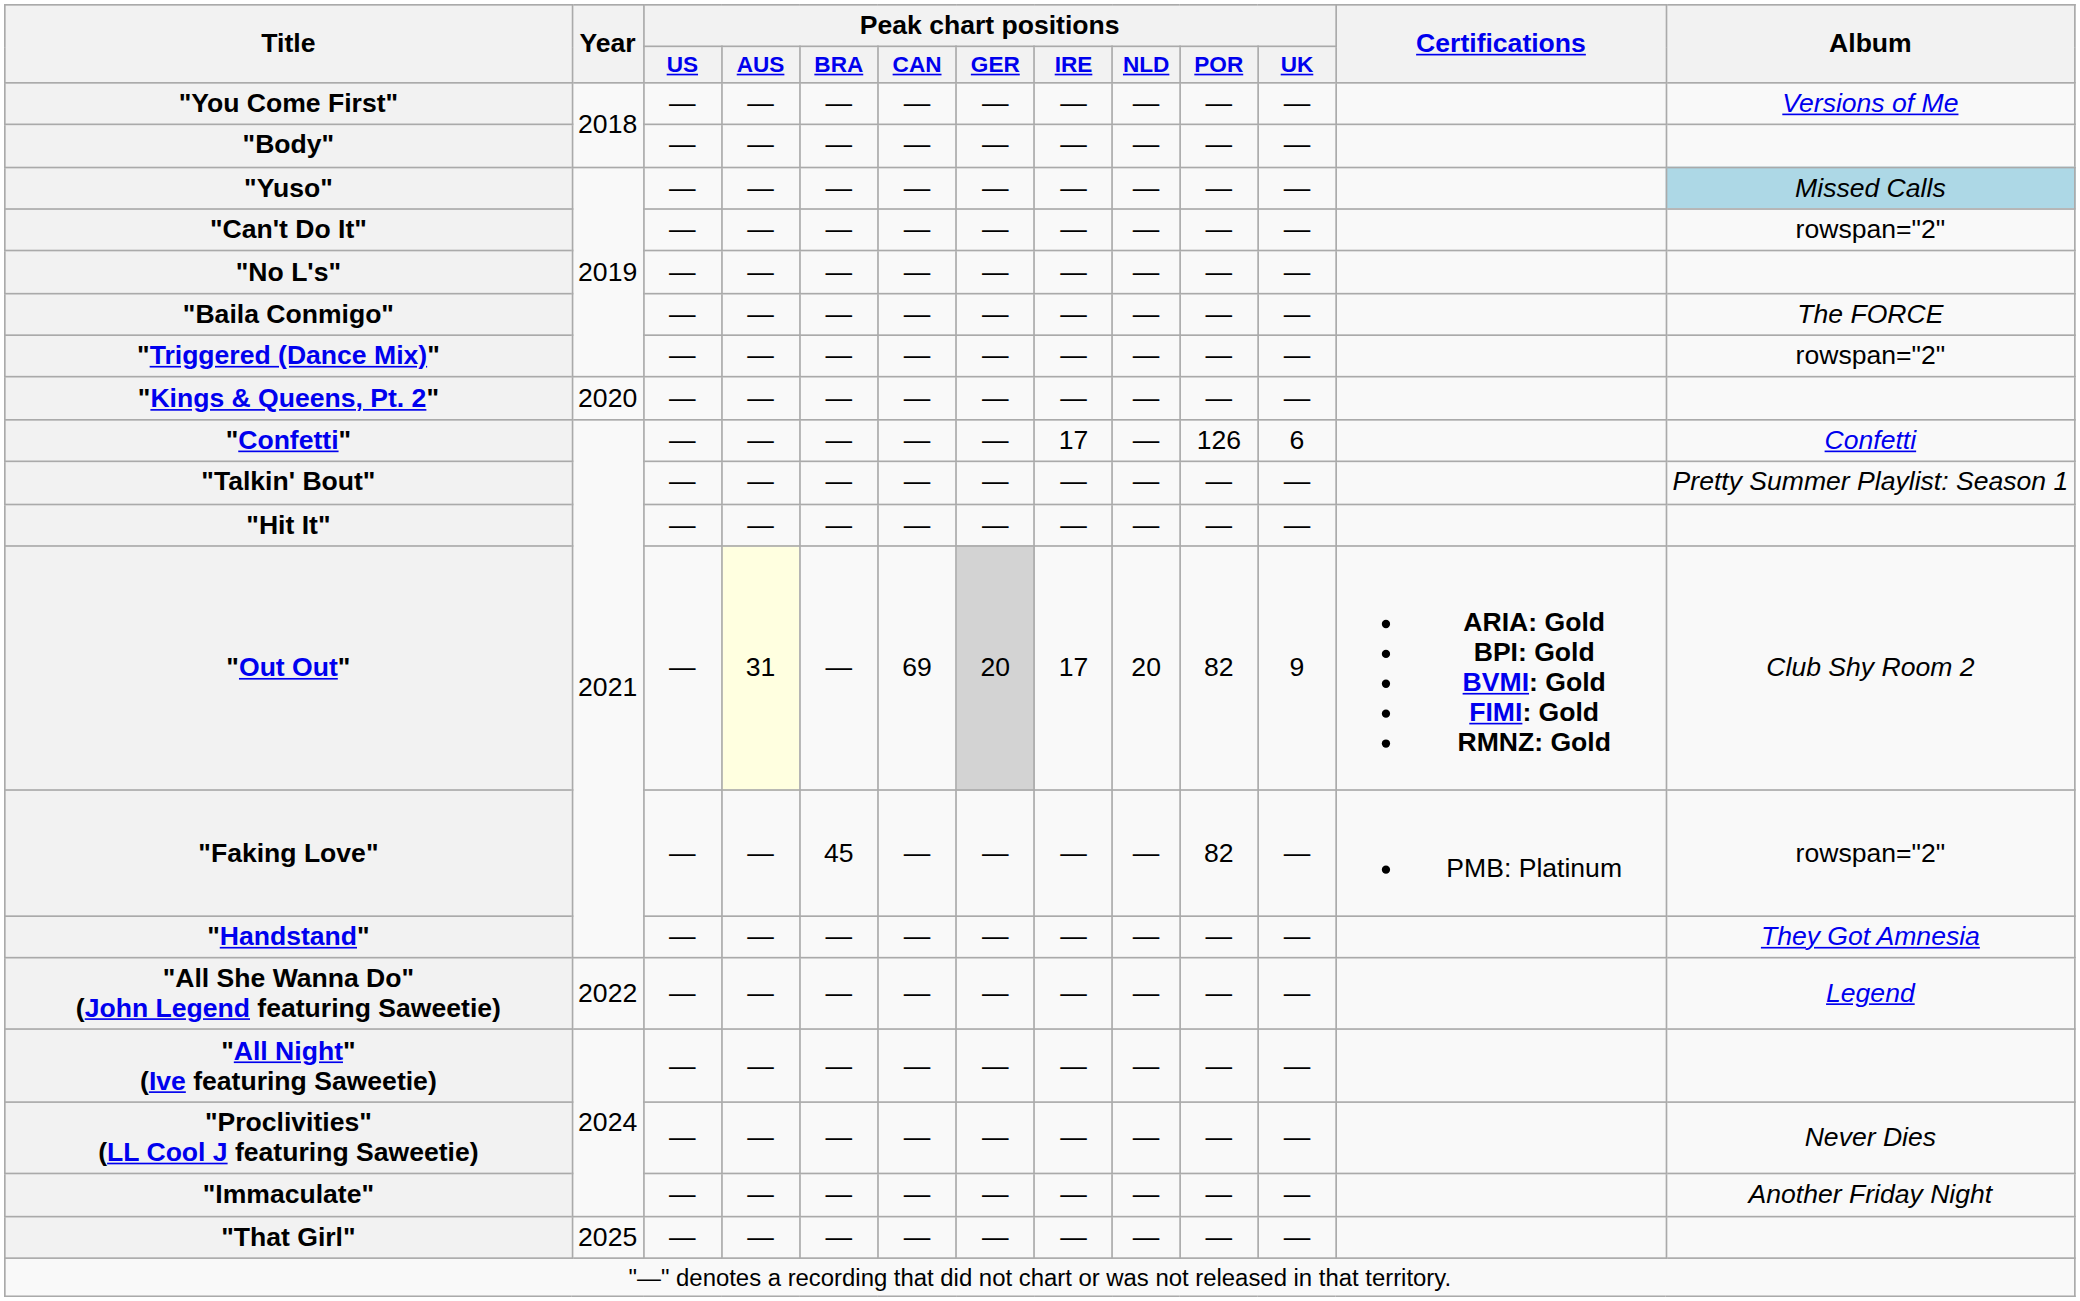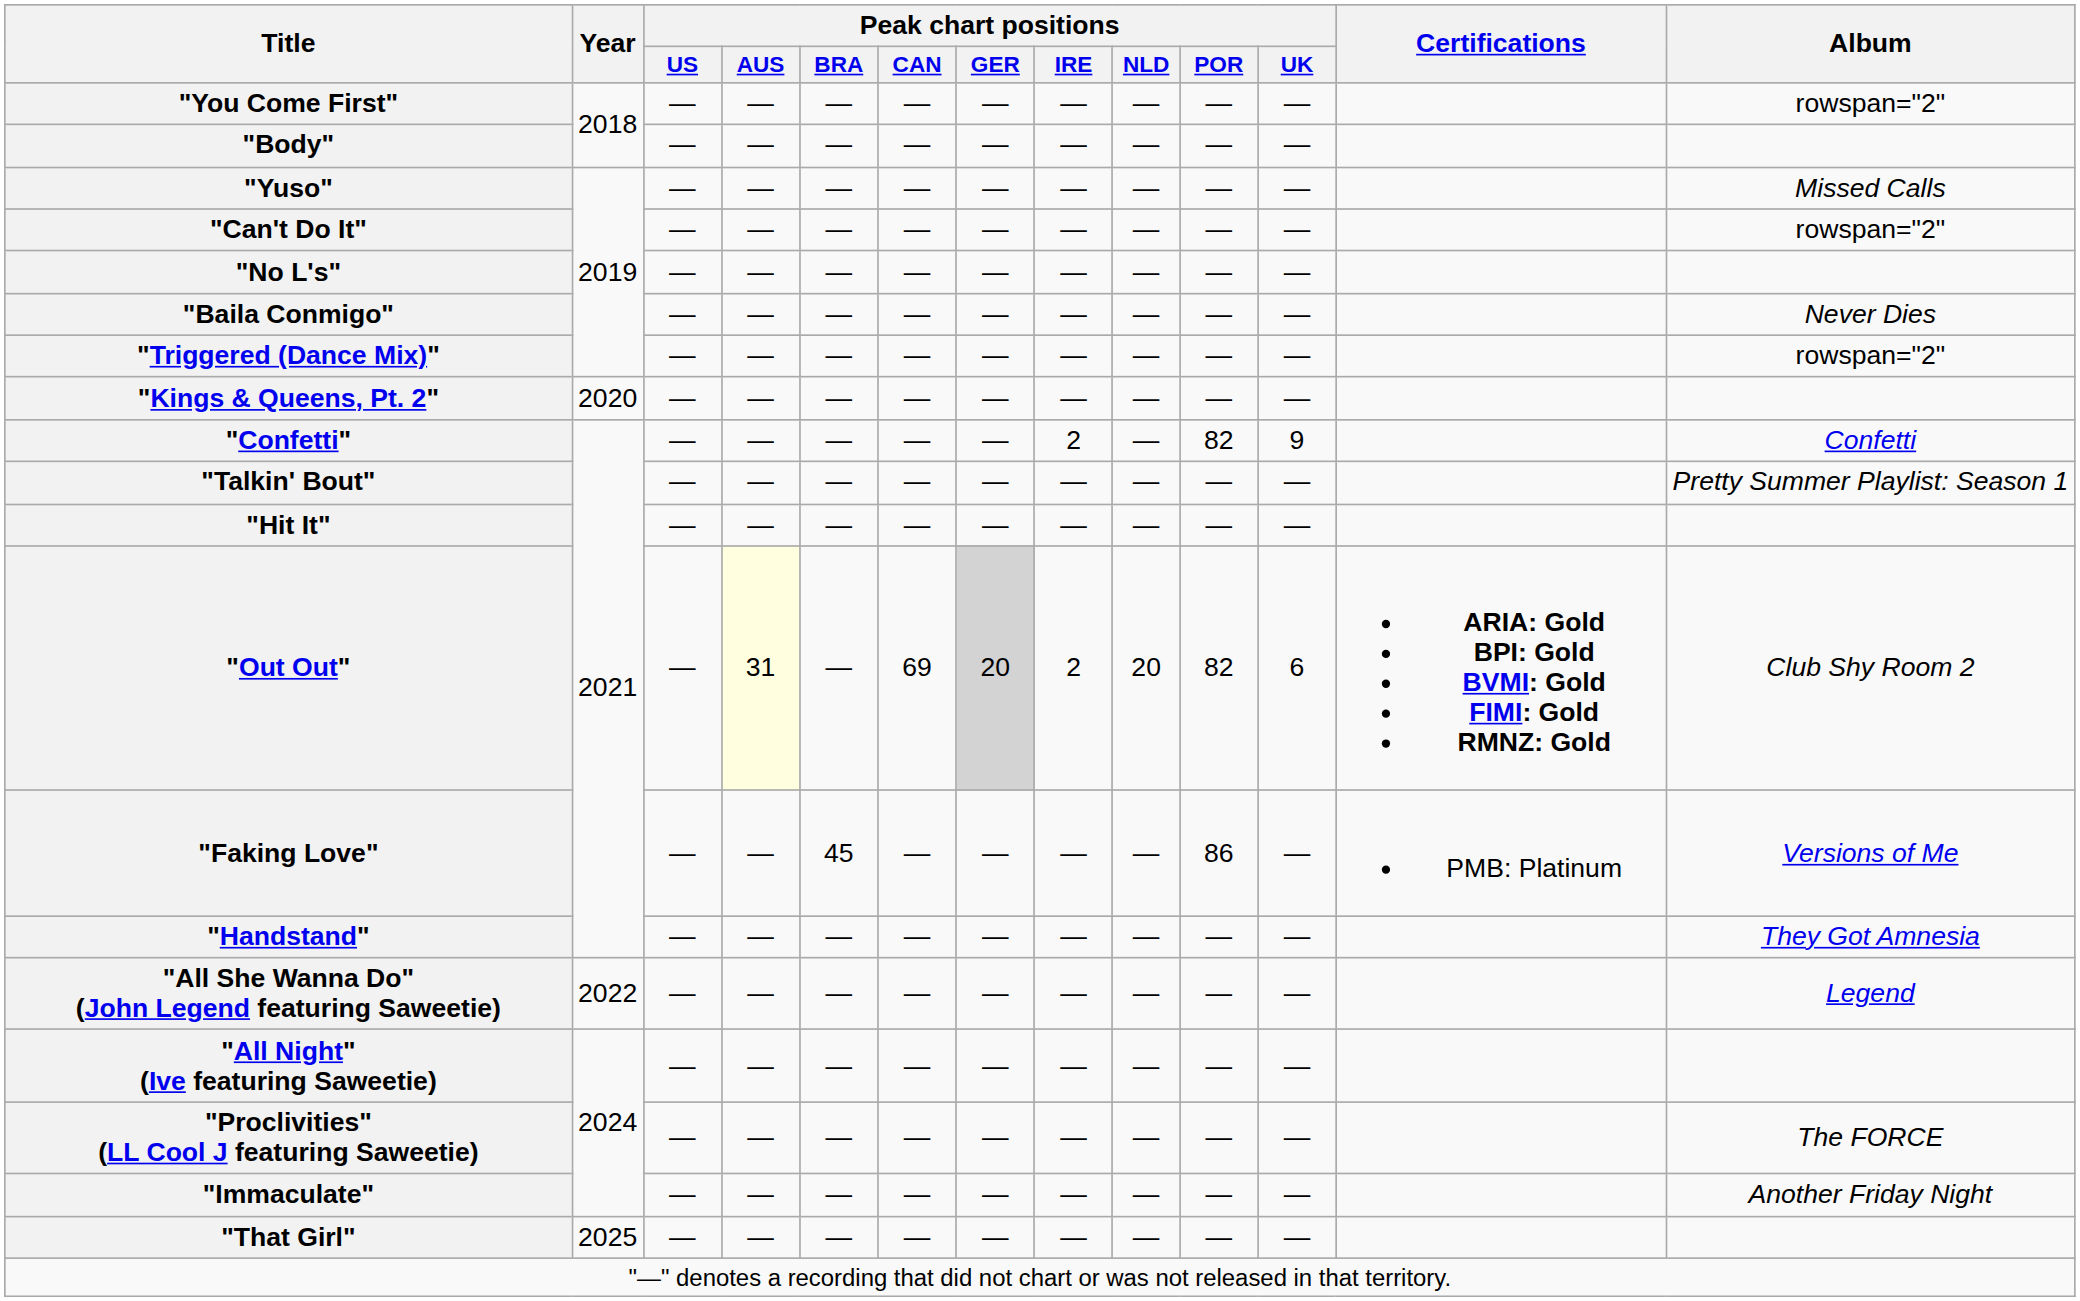 <table class="wikitable plainrowheaders" style="text-align:center">
 <tr>
 <th scope="col" rowspan="2" style="width:21em;">Title</th>
 <th scope="col" rowspan="2" style="width:1em;">Year</th>
 <th scope="col" colspan="9">Peak chart positions</th>
 <th scope="col" rowspan="2" style="width:12em;"><a href='#'>Certifications</a></th>
 <th scope="col" rowspan="2" style="width:15em;">Album</th>
 </tr>
 <tr>
 <th style="width:3em;font-size:85%;"><a href='#'>US</a><br></th>
 <th style="width:3em;font-size:85%;"><a href='#'>AUS</a><br></th>
 <th scope="col" style="width:3em;font-size:85%;"><a href='#'>BRA</a><br></th>
 <th style="width:3em;font-size:85%;"><a href='#'>CAN</a><br></th>
 <th style="width:3em;font-size:85%;"><a href='#'>GER</a><br></th>
 <th style="width:3em;font-size:85%;"><a href='#'>IRE</a><br></th>
 <th scope="col" style="width:2.5em;font-size:85%;"><a href='#'>NLD</a><br></th>
 <th scope="col" style="width:3em;font-size:85%;"><a href='#'>POR</a><br></th>
 <th style="width:3em;font-size:85%;"><a href='#'>UK</a><br></th>
 </tr>
 <tr>
 <th scope="row">"You Come First"<br></th>
 <td rowspan="2">2018</td>
 <td>—</td>
 <td>—</td>
 <td>—</td>
 <td>—</td>
 <td>—</td>
 <td>—</td>
 <td>—</td>
 <td>—</td>
 <td>—</td>
 <td></td>
-<td><em><a href='#'>Versions of Me</a></em></td>
+<td>rowspan="2" </td>
 </tr>
 <tr>
 <th scope="row">"Body"<br></th>
 <td>—</td>
 <td>—</td>
 <td>—</td>
 <td>—</td>
 <td>—</td>
 <td>—</td>
 <td>—</td>
 <td>—</td>
 <td>—</td>
 <td></td>
 </tr>
 <tr>
 <th scope="row">"Yuso"<br></th>
 <td rowspan="5">2019</td>
 <td>—</td>
 <td>—</td>
 <td>—</td>
 <td>—</td>
 <td>—</td>
 <td>—</td>
 <td>—</td>
 <td>—</td>
 <td>—</td>
 <td></td>
-<td style="background: lightblue;"><em>Missed Calls</em></td>
+<td><em>Missed Calls</em></td>
 </tr>
 <tr>
 <th scope="row">"Can't Do It"<br></th>
 <td>—</td>
 <td>—</td>
 <td>—</td>
 <td>—</td>
 <td>—</td>
 <td>—</td>
 <td>—</td>
 <td>—</td>
 <td>—</td>
 <td></td>
 <td>rowspan="2" </td>
 </tr>
 <tr>
 <th scope="row">"No L's"<br></th>
 <td>—</td>
 <td>—</td>
 <td>—</td>
 <td>—</td>
 <td>—</td>
 <td>—</td>
 <td>—</td>
 <td>—</td>
 <td>—</td>
 <td></td>
 </tr>
 <tr>
 <th scope="row">"Baila Conmigo"<br></th>
 <td>—</td>
 <td>—</td>
 <td>—</td>
 <td>—</td>
 <td>—</td>
 <td>—</td>
 <td>—</td>
 <td>—</td>
 <td>—</td>
 <td></td>
-<td><em>The FORCE</em></td>
+<td><em>Never Dies</em></td>
 </tr>
 <tr>
 <th scope="row">"<a href='#'>Triggered (Dance Mix)</a>"<br></th>
 <td>—</td>
 <td>—</td>
 <td>—</td>
 <td>—</td>
 <td>—</td>
 <td>—</td>
 <td>—</td>
 <td>—</td>
 <td>—</td>
 <td></td>
 <td>rowspan="2" </td>
 </tr>
 <tr>
 <th scope="row">"<a href='#'>Kings & Queens, Pt. 2</a>"<br></th>
 <td>2020</td>
 <td>—</td>
 <td>—</td>
 <td>—</td>
 <td>—</td>
 <td>—</td>
 <td>—</td>
 <td>—</td>
 <td>—</td>
 <td>—</td>
 <td></td>
 </tr>
 <tr>
 <th scope="row">"<a href='#'>Confetti</a>"<br></th>
 <td rowspan="6">2021</td>
 <td>—</td>
 <td>—</td>
 <td>—</td>
 <td>—</td>
 <td>—</td>
-<td>17</td>
+<td>2</td>
 <td>—</td>
-<td>126</td>
-<td>6</td>
+<td>82</td>
+<td>9</td>
 <td></td>
 <td><em><a href='#'>Confetti</a></em></td>
 </tr>
 <tr>
 <th scope="row">"Talkin' Bout"<br></th>
 <td>—</td>
 <td>—</td>
 <td>—</td>
 <td>—</td>
 <td>—</td>
 <td>—</td>
 <td>—</td>
 <td>—</td>
 <td>—</td>
 <td></td>
 <td><em>Pretty Summer Playlist: Season 1</em></td>
 </tr>
 <tr>
 <th scope="row">"Hit It"<br></th>
 <td>—</td>
 <td>—</td>
 <td>—</td>
 <td>—</td>
 <td>—</td>
 <td>—</td>
 <td>—</td>
 <td>—</td>
 <td>—</td>
 <td></td>
 <td></td>
 </tr>
 <tr>
 <th scope="row">"<a href='#'>Out Out</a>"<br></th>
 <td>—</td>
 <td style="background: lightyellow;">31</td>
 <td>—</td>
 <td>69</td>
 <td style="background: lightgrey;">20</td>
-<td>17</td>
+<td>2</td>
 <td>20</td>
 <td>82</td>
-<td>9</td>
+<td>6</td>
 <td><strong><br><ul><li>ARIA: Gold</li><li>BPI: Gold</li><li><a href='#'>BVMI</a>: Gold</li><li><a href='#'>FIMI</a>: Gold</li><li>RMNZ: Gold</li></ul></strong></td>
 <td><em>Club Shy Room 2</em></td>
 </tr>
 <tr>
 <th scope="row">"Faking Love"<br></th>
 <td>—</td>
 <td>—</td>
 <td>45</td>
 <td>—</td>
 <td>—</td>
 <td>—</td>
 <td>—</td>
-<td>82</td>
+<td>86</td>
 <td>—</td>
 <td><br><ul><li>PMB: Platinum</li></ul></td>
-<td>rowspan="2" </td>
+<td><em><a href='#'>Versions of Me</a></em></td>
 </tr>
 <tr>
 <th scope="row">"<a href='#'>Handstand</a>"<br></th>
 <td>—</td>
 <td>—</td>
 <td>—</td>
 <td>—</td>
 <td>—</td>
 <td>—</td>
 <td>—</td>
 <td>—</td>
 <td>—</td>
 <td></td>
 <td><em><a href='#'>They Got Amnesia</a></em></td>
 </tr>
 <tr>
 <th scope="row">"All She Wanna Do" <br><span>(<a href='#'>John Legend</a> featuring Saweetie)</span></th>
 <td>2022</td>
 <td>—</td>
 <td>—</td>
 <td>—</td>
 <td>—</td>
 <td>—</td>
 <td>—</td>
 <td>—</td>
 <td>—</td>
 <td>—</td>
 <td></td>
 <td><em><a href='#'>Legend</a></em></td>
 </tr>
 <tr>
 <th scope="row">"<a href='#'>All Night</a>"<br><span> (<a href='#'>Ive</a> featuring Saweetie)</span></th>
 <td rowspan="3">2024</td>
 <td>—</td>
 <td>—</td>
 <td>—</td>
 <td>—</td>
 <td>—</td>
 <td>—</td>
 <td>—</td>
 <td>—</td>
 <td>—</td>
 <td></td>
 <td></td>
 </tr>
 <tr>
 <th scope="row">"Proclivities" <br><span>(<a href='#'>LL Cool J</a> featuring Saweetie)</span></th>
 <td>—</td>
 <td>—</td>
 <td>—</td>
 <td>—</td>
 <td>—</td>
 <td>—</td>
 <td>—</td>
 <td>—</td>
 <td>—</td>
 <td></td>
-<td><em>Never Dies</em></td>
+<td><em>The FORCE</em></td>
 </tr>
 <tr>
 <th scope="row">"Immaculate"<br></th>
 <td>—</td>
 <td>—</td>
 <td>—</td>
 <td>—</td>
 <td>—</td>
 <td>—</td>
 <td>—</td>
 <td>—</td>
 <td>—</td>
 <td></td>
 <td><em>Another Friday Night</em></td>
 </tr>
 <tr>
 <th scope="row">"That Girl"<br></th>
 <td>2025</td>
 <td>—</td>
 <td>—</td>
 <td>—</td>
 <td>—</td>
 <td>—</td>
 <td>—</td>
 <td>—</td>
 <td>—</td>
 <td>—</td>
 <td></td>
 <td></td>
 </tr>
 <tr>
 <td colspan="16" style="font-size:90%">"—" denotes a recording that did not chart or was not released in that territory.</td>
 </tr>
 </table>
